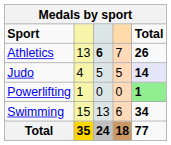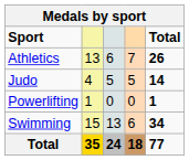 <table class=wikitable style="font-size:95%; ">
 <tr bgcolor=EFEFEF>
 <th colspan=7><strong>Medals by sport</strong></th>
 </tr>
 <tr>
 <td><strong>Sport</strong></td>
 <td bgcolor=F7F6A8></td>
 <td bgcolor=DCE5E5></td>
 <td bgcolor=FFDBA9></td>
 <td><strong>Total</strong></td>
 </tr>
 <tr>
 <td><a href='#'>Athletics</a></td>
 <td bgcolor=F7F6A8>13</td>
-<td bgcolor=DCE5E5><strong>6</strong></td>
+<td bgcolor=DCE5E5>6</td>
 <td bgcolor=FFDAB9>7</td>
 <td><strong>26</strong></td>
 </tr>
 <tr>
 <td><a href='#'>Judo</a></td>
 <td bgcolor=F7F6A8>4</td>
 <td bgcolor=DCE5E5>5</td>
 <td bgcolor=FFDAB9>5</td>
-<td style="background: lavender;"><strong>14</strong></td>
+<td><strong>14</strong></td>
 </tr>
 <tr>
 <td><a href='#'>Powerlifting</a></td>
 <td bgcolor=F7F6A8>1</td>
 <td bgcolor=DCE5E5>0</td>
 <td bgcolor=FFDAB9>0</td>
-<td style="background: lightgreen;"><strong>1</strong></td>
+<td><strong>1</strong></td>
 </tr>
 <tr>
 <td><a href='#'>Swimming</a></td>
 <td bgcolor=F7F6A8>15</td>
 <td bgcolor=DCE5E5>13</td>
 <td bgcolor=FFDAB9>6</td>
 <td><strong>34</strong></td>
 </tr>
 <tr>
 <th><strong>Total</strong></th>
 <td style="background:gold;"><strong>35</strong></td>
 <td style="background:silver;"><strong>24</strong></td>
 <td style="background:#c96;"><strong>18</strong></td>
 <td><strong>77</strong></td>
 </tr>
 </table>
